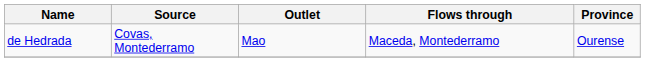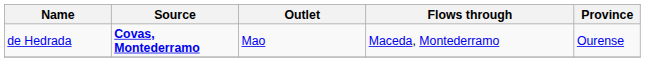 <table class="wikitable sortable" style="font-size:95%;">
 <tr>
 <th width="125">Name</th>
 <th width="150">Source</th>
 <th width="150">Outlet</th>
 <th width="250">Flows through</th>
 <th width="75">Province</th>
 </tr>
 <tr>
 <td><a href='#'>de Hedrada</a></td>
-<td><a href='#'>Covas, Montederramo</a></td>
+<td><strong><a href='#'>Covas, Montederramo</a></strong></td>
 <td><a href='#'>Mao</a></td>
 <td><a href='#'>Maceda</a>, <a href='#'>Montederramo</a></td>
 <td><a href='#'>Ourense</a></td>
 </tr>
 <tr>
 </tr>
 </table>
